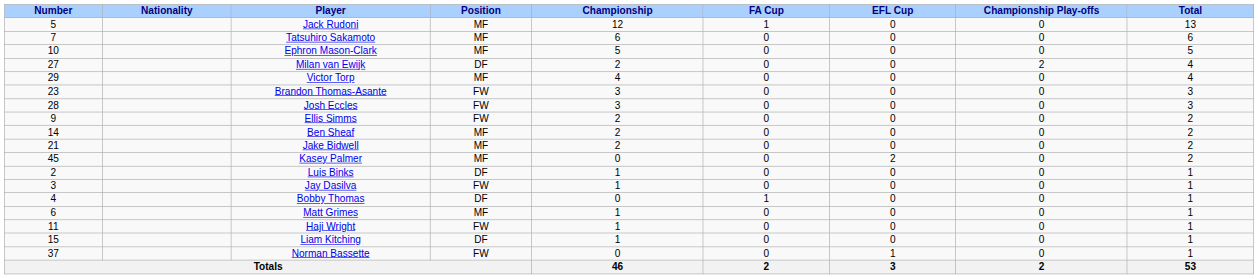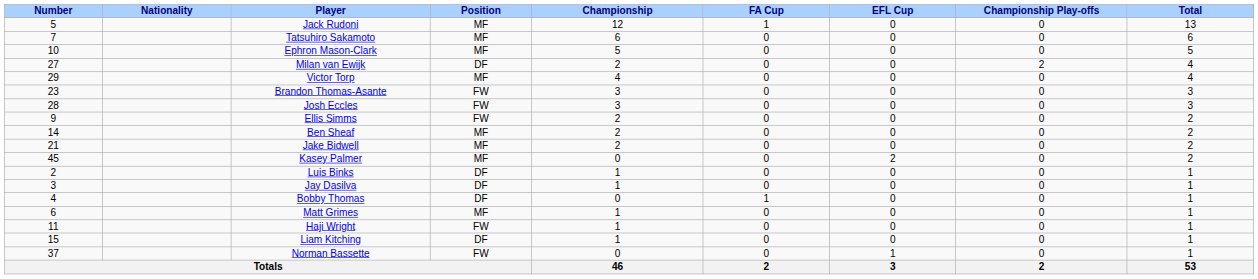 <table class="wikitable sortable alternance" style="font-size:100%; text-align:center; line-height:14px; width:100%;">
 <tr>
 <th style="background:#AAD0FF; color:#000080; width:50px;">Number</th>
 <th style="background:#AAD0FF; color:#000080; width:50px;">Nationality</th>
 <th style="background:#AAD0FF; color:#000080; width:130px;">Player</th>
 <th style="background:#AAD0FF; color:#000080; width:50px;">Position</th>
 <th style="background:#AAD0FF; color:#000080; width:80px;">Championship</th>
 <th style="background:#AAD0FF; color:#000080; width:80px;">FA Cup</th>
 <th style="background:#AAD0FF; color:#000080; width:80px;">EFL Cup</th>
 <th style="background:#AAD0FF; color:#000080; width:100px;">Championship Play-offs</th>
 <th style="background:#AAD0FF; color:#000080; width:80px;">Total</th>
 </tr>
 <tr>
 <td>5</td>
 <td></td>
 <td><a href='#'>Jack Rudoni</a></td>
 <td>MF</td>
 <td>12</td>
 <td>1</td>
 <td>0</td>
 <td>0</td>
 <td>13</td>
 </tr>
 <tr>
 <td>7</td>
 <td></td>
 <td><a href='#'>Tatsuhiro Sakamoto</a></td>
 <td>MF</td>
 <td>6</td>
 <td>0</td>
 <td>0</td>
 <td>0</td>
 <td>6</td>
 </tr>
 <tr>
 <td>10</td>
 <td></td>
 <td><a href='#'>Ephron Mason-Clark</a></td>
 <td>MF</td>
 <td>5</td>
 <td>0</td>
 <td>0</td>
 <td>0</td>
 <td>5</td>
 </tr>
 <tr>
 <td>27</td>
 <td></td>
 <td><a href='#'>Milan van Ewijk</a></td>
 <td>DF</td>
 <td>2</td>
 <td>0</td>
 <td>0</td>
 <td>2</td>
 <td>4</td>
 </tr>
 <tr>
 <td>29</td>
 <td></td>
 <td><a href='#'>Victor Torp</a></td>
 <td>MF</td>
 <td>4</td>
 <td>0</td>
 <td>0</td>
 <td>0</td>
 <td>4</td>
 </tr>
 <tr>
 <td>23</td>
 <td></td>
 <td><a href='#'>Brandon Thomas-Asante</a></td>
 <td>FW</td>
 <td>3</td>
 <td>0</td>
 <td>0</td>
 <td>0</td>
 <td>3</td>
 </tr>
 <tr>
 <td>28</td>
 <td></td>
 <td><a href='#'>Josh Eccles</a></td>
 <td>FW</td>
 <td>3</td>
 <td>0</td>
 <td>0</td>
 <td>0</td>
 <td>3</td>
 </tr>
 <tr>
 <td>9</td>
 <td></td>
 <td><a href='#'>Ellis Simms</a></td>
 <td>FW</td>
 <td>2</td>
 <td>0</td>
 <td>0</td>
 <td>0</td>
 <td>2</td>
 </tr>
 <tr>
 <td>14</td>
 <td></td>
 <td><a href='#'>Ben Sheaf</a></td>
 <td>MF</td>
 <td>2</td>
 <td>0</td>
 <td>0</td>
 <td>0</td>
 <td>2</td>
 </tr>
 <tr>
 <td>21</td>
 <td></td>
 <td><a href='#'>Jake Bidwell</a></td>
 <td>MF</td>
 <td>2</td>
 <td>0</td>
 <td>0</td>
 <td>0</td>
 <td>2</td>
 </tr>
 <tr>
 <td>45</td>
 <td></td>
 <td><a href='#'>Kasey Palmer</a></td>
 <td>MF</td>
 <td>0</td>
 <td>0</td>
 <td>2</td>
 <td>0</td>
 <td>2</td>
 </tr>
 <tr>
 <td>2</td>
 <td></td>
 <td><a href='#'>Luis Binks</a></td>
 <td>DF</td>
 <td>1</td>
 <td>0</td>
 <td>0</td>
 <td>0</td>
 <td>1</td>
 </tr>
 <tr>
 <td>3</td>
 <td></td>
 <td><a href='#'>Jay Dasilva</a></td>
-<td>FW</td>
+<td>DF</td>
 <td>1</td>
 <td>0</td>
 <td>0</td>
 <td>0</td>
 <td>1</td>
 </tr>
 <tr>
 <td>4</td>
 <td></td>
 <td><a href='#'>Bobby Thomas</a></td>
 <td>DF</td>
 <td>0</td>
 <td>1</td>
 <td>0</td>
 <td>0</td>
 <td>1</td>
 </tr>
 <tr>
 <td>6</td>
 <td></td>
 <td><a href='#'>Matt Grimes</a></td>
 <td>MF</td>
 <td>1</td>
 <td>0</td>
 <td>0</td>
 <td>0</td>
 <td>1</td>
 </tr>
 <tr>
 <td>11</td>
 <td></td>
 <td><a href='#'>Haji Wright</a></td>
 <td>FW</td>
 <td>1</td>
 <td>0</td>
 <td>0</td>
 <td>0</td>
 <td>1</td>
 </tr>
 <tr>
 <td>15</td>
 <td></td>
 <td><a href='#'>Liam Kitching</a></td>
 <td>DF</td>
 <td>1</td>
 <td>0</td>
 <td>0</td>
 <td>0</td>
 <td>1</td>
 </tr>
 <tr>
 <td>37</td>
 <td></td>
 <td><a href='#'>Norman Bassette</a></td>
 <td>FW</td>
 <td>0</td>
 <td>0</td>
 <td>1</td>
 <td>0</td>
 <td>1</td>
 </tr>
 <tr class="sortbottom">
 <th colspan="4">Totals</th>
 <th>46</th>
 <th>2</th>
 <th>3</th>
 <th>2</th>
 <th>53</th>
 </tr>
 </table>
